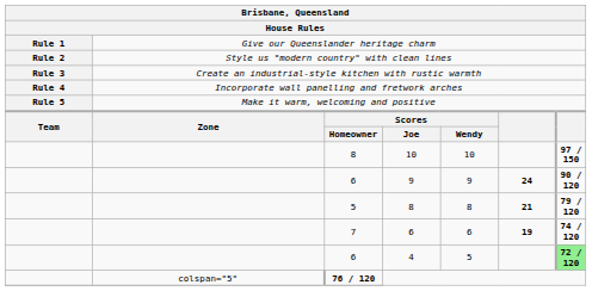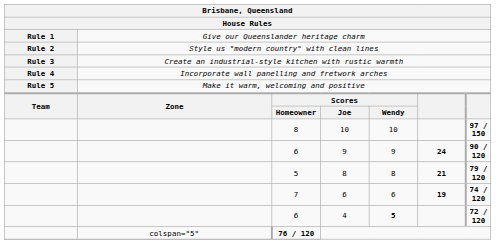 <table class="wikitable plainrowheaders" style="text-align:center; font-size:90%; width:65em;">
 <tr>
 <th colspan="7" >Brisbane, Queensland</th>
 </tr>
 <tr>
 <th colspan="7">House Rules</th>
 </tr>
 <tr>
 <th>Rule 1</th>
 <td colspan="6"><em>Give our Queenslander heritage charm</em></td>
 </tr>
 <tr>
 <th>Rule 2</th>
 <td colspan="6"><em>Style us "modern country" with clean lines</em></td>
 </tr>
 <tr>
 <th>Rule 3</th>
 <td colspan="6"><em>Create an industrial-style kitchen with rustic warmth</em></td>
 </tr>
 <tr>
 <th>Rule 4</th>
 <td colspan="6"><em>Incorporate wall panelling and fretwork arches</em></td>
 </tr>
 <tr>
 <th>Rule 5</th>
 <td colspan="6"><em>Make it warm, welcoming and positive</em></td>
 </tr>
 <tr style="border-top:3px solid #aaa;">
 <th rowspan="2">Team</th>
 <th rowspan="2" style="width:40%;">Zone</th>
 <th colspan="3" style="width:40%;">Scores</th>
 <th rowspan="2" style="width:10%;"></th>
 <th rowspan="2" style="width:10%; border-left:3px solid #aaa;"></th>
 </tr>
 <tr>
 <th style="width:10%;">Homeowner</th>
 <th style="width:10%;">Joe</th>
 <th style="width:10%;">Wendy</th>
 </tr>
 <tr>
 <td style="width:15%;"></td>
 <td></td>
 <td>8</td>
 <td>10</td>
 <td>10</td>
 <td></td>
 <td style="border-left:3px solid #aaa;"><strong>97 / 150</strong></td>
 </tr>
 <tr>
 <td style="width:15%;"></td>
 <td></td>
 <td>6</td>
 <td>9</td>
 <td>9</td>
 <td><strong>24</strong></td>
 <td style="border-left:3px solid #aaa;"><strong>90 / 120</strong></td>
 </tr>
 <tr>
 <td style="width:15%;"></td>
 <td></td>
 <td>5</td>
 <td>8</td>
 <td>8</td>
 <td><strong>21</strong></td>
 <td style="border-left:3px solid #aaa;"><strong>79 / 120</strong></td>
 </tr>
 <tr>
 <td style="width:15%;"></td>
 <td></td>
 <td>7</td>
 <td>6</td>
 <td>6</td>
 <td><strong>19</strong></td>
 <td style="border-left:3px solid #aaa;"><strong>74 / 120</strong></td>
 </tr>
 <tr>
 <td style="width:15%;"></td>
 <td></td>
 <td>6</td>
 <td>4</td>
-<td>5</td>
+<td><strong>5</strong></td>
 <td></td>
-<td style="background: lightgreen; border-left:3px solid #aaa;"><strong>72 / 120</strong></td>
+<td style="border-left:3px solid #aaa;"><strong>72 / 120</strong></td>
 </tr>
 <tr>
 <td style="width:15%;"></td>
 <td>colspan="5" </td>
 <td style="border-left:3px solid #aaa;"><strong>76 / 120</strong></td>
 </tr>
 <tr>
 </tr>
 </table>
